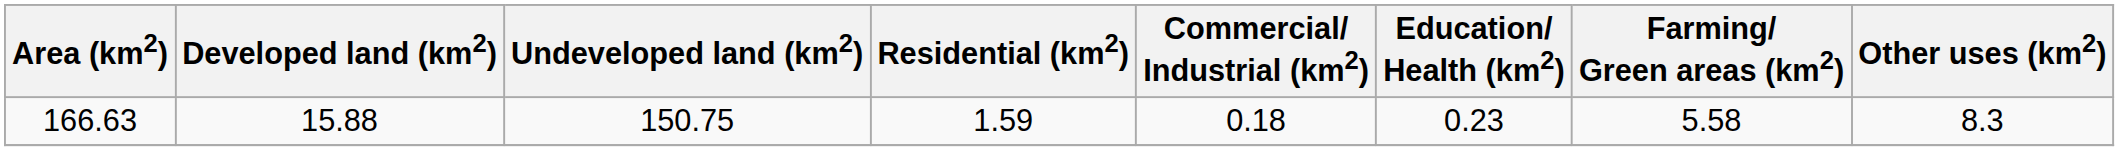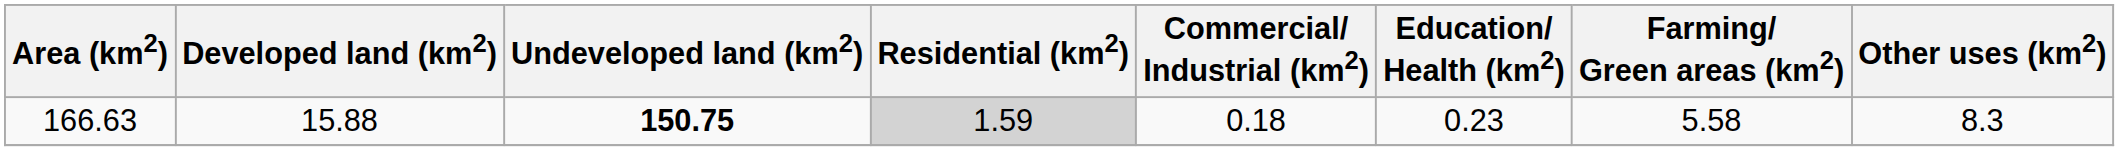 <table class="wikitable" style="text-align: center;">
 <tr>
 <th>Area (km<sup>2</sup>)</th>
 <th>Developed land (km<sup>2</sup>)</th>
 <th>Undeveloped land (km<sup>2</sup>)</th>
 <th>Residential (km<sup>2</sup>)</th>
 <th>Commercial/<br> Industrial (km<sup>2</sup>)</th>
 <th>Education/<br> Health (km<sup>2</sup>)</th>
 <th>Farming/<br> Green areas (km<sup>2</sup>)</th>
 <th>Other uses (km<sup>2</sup>)</th>
 </tr>
 <tr>
 <td>166.63</td>
 <td>15.88</td>
-<td>150.75</td>
-<td>1.59</td>
+<td><strong>150.75</strong></td>
+<td style="background: lightgrey;">1.59</td>
 <td>0.18</td>
 <td>0.23</td>
 <td>5.58</td>
 <td>8.3</td>
 </tr>
 <tr>
 </tr>
 </table>
